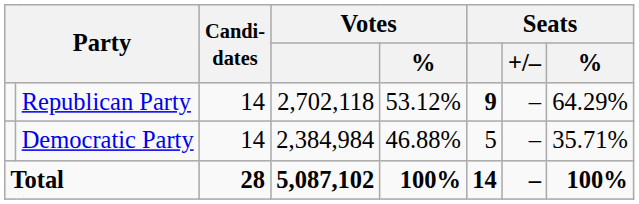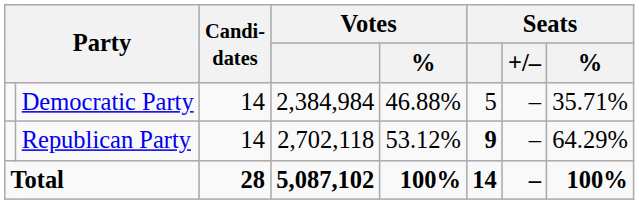 <table class="wikitable" style="font-size:100%; text-align:right;">
 <tr>
 <th colspan=2 rowspan=2>Party</th>
 <th rowspan=2><small>Candi-<br>dates</small></th>
 <th colspan=2>Votes</th>
 <th colspan=3>Seats</th>
 </tr>
 <tr>
 <th></th>
 <th>%</th>
 <th></th>
 <th>+/–</th>
 <th>%</th>
 </tr>
 <tr>
 <td style="background:"></td>
+<td align=left><a href='#'>Democratic Party</a></td>
+<td>14</td>
+<td>2,384,984</td>
+<td>46.88%</td>
+<td>5</td>
+<td>–</td>
+<td>35.71%</td>
+</tr>
+<tr>
+<td style="background:"></td>
 <td align=left><a href='#'>Republican Party</a></td>
 <td>14</td>
 <td>2,702,118</td>
 <td>53.12%</td>
 <td><strong>9</strong></td>
 <td>–</td>
 <td>64.29%</td>
-</tr>
-<tr>
-<td style="background:"></td>
-<td align=left><a href='#'>Democratic Party</a></td>
-<td>14</td>
-<td>2,384,984</td>
-<td>46.88%</td>
-<td>5</td>
-<td>–</td>
-<td>35.71%</td>
 </tr>
 <tr style="font-weight:bold">
 <td colspan=2 align=left>Total</td>
 <td>28</td>
 <td>5,087,102</td>
 <td>100%</td>
 <td>14</td>
 <td>–</td>
 <td>100%</td>
 </tr>
 </table>
